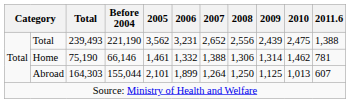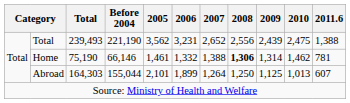 <table class="wikitable">
 <tr>
 <th colspan="2">Category</th>
 <th>Total</th>
 <th>Before<br> 2004</th>
 <th>2005</th>
 <th>2006</th>
 <th>2007</th>
 <th>2008</th>
 <th>2009</th>
 <th>2010</th>
 <th>2011.6</th>
 </tr>
 <tr>
 <td rowspan="3">Total</td>
 <td>Total</td>
 <td>239,493</td>
 <td>221,190</td>
 <td>3,562</td>
 <td>3,231</td>
 <td>2,652</td>
 <td>2,556</td>
 <td>2,439</td>
 <td>2,475</td>
 <td>1,388</td>
 </tr>
 <tr>
 <td>Home</td>
 <td>75,190</td>
 <td>66,146</td>
 <td>1,461</td>
 <td>1,332</td>
 <td>1,388</td>
-<td>1,306</td>
+<td><strong>1,306</strong></td>
 <td>1,314</td>
 <td>1,462</td>
 <td>781</td>
 </tr>
 <tr>
 <td>Abroad</td>
 <td>164,303</td>
 <td>155,044</td>
 <td>2,101</td>
 <td>1,899</td>
 <td>1,264</td>
 <td>1,250</td>
 <td>1,125</td>
 <td>1,013</td>
 <td>607</td>
 </tr>
 <tr>
 <td colspan="14" style="text-align:center">Source: <a href='#'>Ministry of Health and Welfare</a></td>
 </tr>
 </table>
